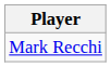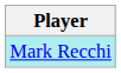 <table class="wikitable">
 <tr>
 <th>Player</th>
 </tr>
 <tr>
-<td><a href='#'>Mark Recchi</a></td>
+<td style="background: paleturquoise;"><a href='#'>Mark Recchi</a></td>
 </tr>
 </table>
